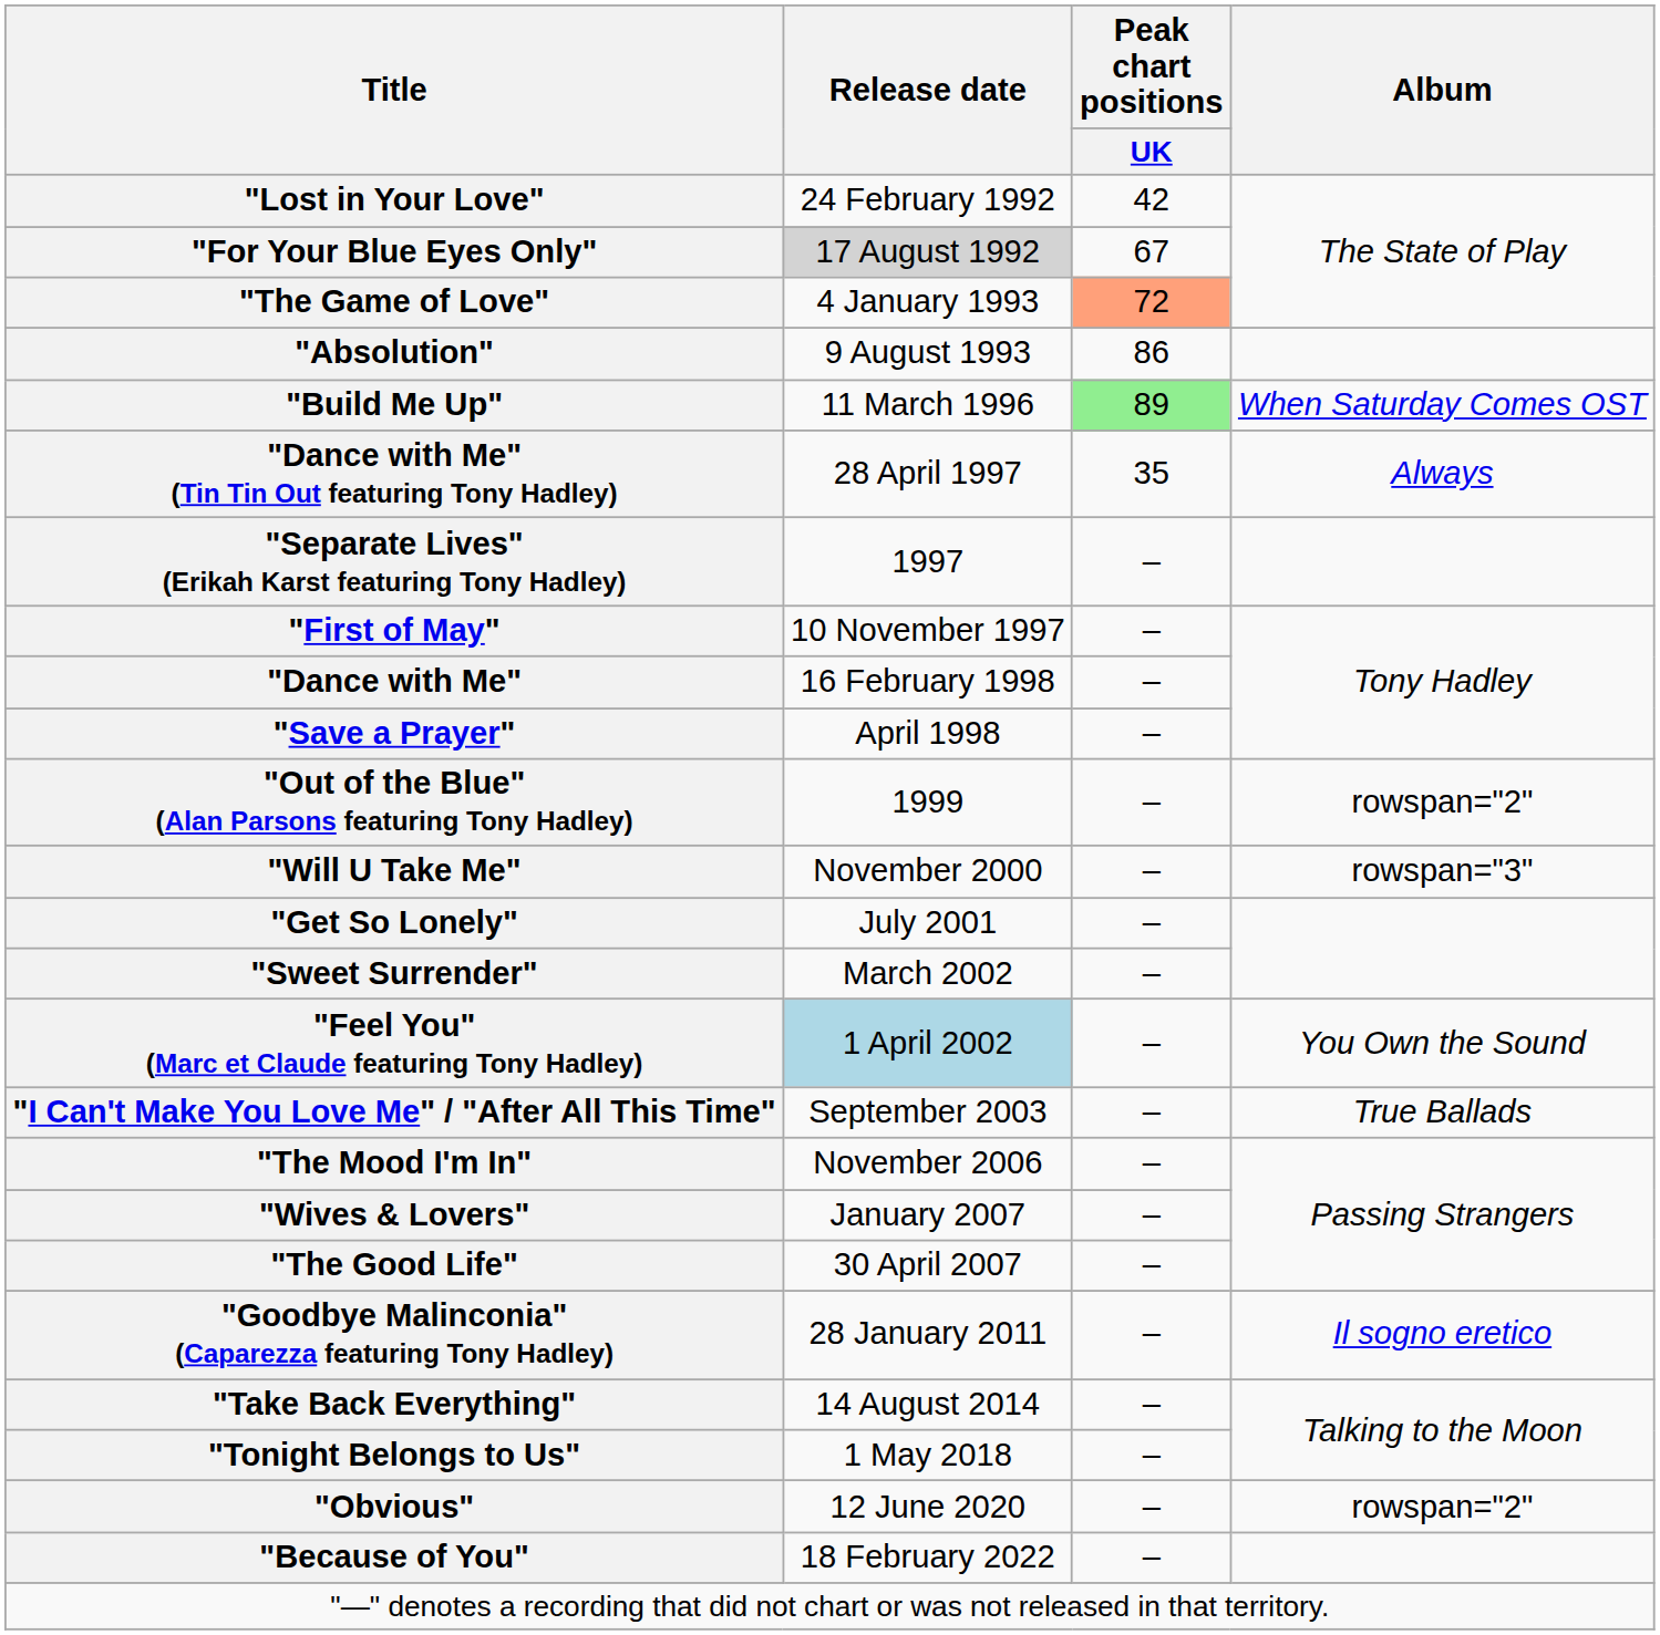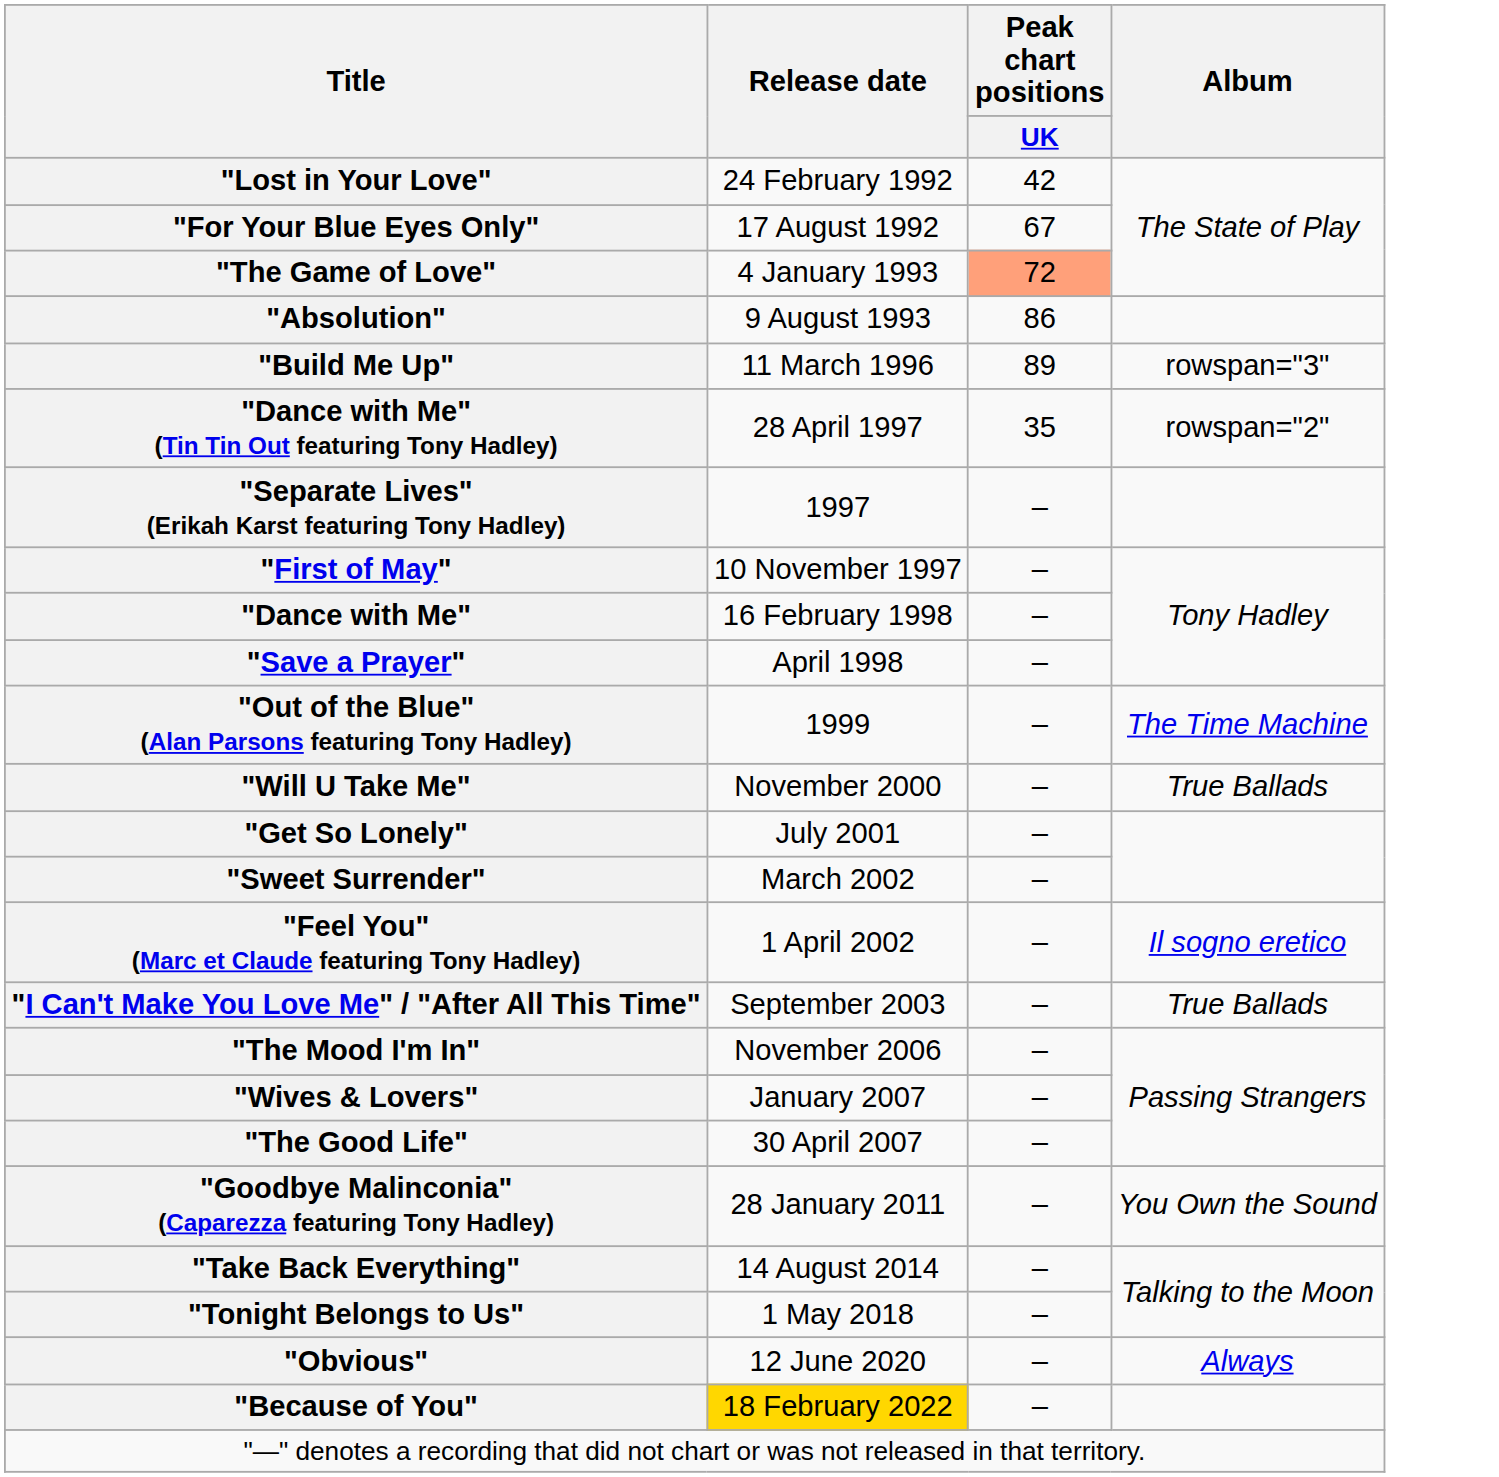 <table class="wikitable plainrowheaders" style="text-align:center;">
 <tr>
 <th scope="col" rowspan="2">Title</th>
 <th scope="col" rowspan="2">Release date</th>
 <th scope="col">Peak chart positions</th>
 <th scope="col" rowspan="2">Album</th>
 </tr>
 <tr>
 <th scope="col" style="width:3em;font-size:90%;"><a href='#'>UK</a><br></th>
 </tr>
 <tr>
 <th scope="row">"Lost in Your Love"</th>
 <td>24 February 1992</td>
 <td>42</td>
 <td rowspan="3"><em>The State of Play</em></td>
 </tr>
 <tr>
 <th scope="row">"For Your Blue Eyes Only"</th>
-<td style="background: lightgrey;">17 August 1992</td>
+<td>17 August 1992</td>
 <td>67</td>
 </tr>
 <tr>
 <th scope="row">"The Game of Love"</th>
 <td>4 January 1993</td>
 <td style="background: lightsalmon;">72</td>
 </tr>
 <tr>
 <th scope="row">"Absolution"</th>
 <td>9 August 1993</td>
 <td>86</td>
 <td></td>
 </tr>
 <tr>
 <th scope="row">"Build Me Up"</th>
 <td>11 March 1996</td>
-<td style="background: lightgreen;">89</td>
-<td><em><a href='#'>When Saturday Comes OST</a></em></td>
+<td>89</td>
+<td>rowspan="3" </td>
 </tr>
 <tr>
 <th scope="row">"Dance with Me"<br><small>(<a href='#'>Tin Tin Out</a> featuring Tony Hadley)</small></th>
 <td>28 April 1997</td>
 <td>35</td>
-<td rowspan=""><em><a href='#'>Always</a></em></td>
+<td>rowspan="2" </td>
 </tr>
 <tr>
 <th scope="row">"Separate Lives"<br><small>(Erikah Karst featuring Tony Hadley)</small></th>
 <td>1997</td>
 <td>–</td>
 <td></td>
 </tr>
 <tr>
 <th scope="row">"<a href='#'>First of May</a>"</th>
 <td>10 November 1997</td>
 <td>–</td>
 <td rowspan="3"><em>Tony Hadley</em></td>
 </tr>
 <tr>
 <th scope="row">"Dance with Me"</th>
 <td>16 February 1998</td>
 <td>–</td>
 </tr>
 <tr>
 <th scope="row">"<a href='#'>Save a Prayer</a>"</th>
 <td>April 1998</td>
 <td>–</td>
 </tr>
 <tr>
 <th scope="row">"Out of the Blue"<br><small>(<a href='#'>Alan Parsons</a> featuring Tony Hadley)</small></th>
 <td>1999</td>
 <td>–</td>
-<td>rowspan="2" </td>
+<td><em><a href='#'>The Time Machine</a></em></td>
 </tr>
 <tr>
 <th scope="row">"Will U Take Me"</th>
 <td>November 2000</td>
 <td>–</td>
-<td>rowspan="3" </td>
+<td><em>True Ballads</em></td>
 </tr>
 <tr>
 <th scope="row">"Get So Lonely"</th>
 <td>July 2001</td>
 <td>–</td>
 </tr>
 <tr>
 <th scope="row">"Sweet Surrender"</th>
 <td>March 2002</td>
 <td>–</td>
 </tr>
 <tr>
 <th scope="row">"Feel You"<br><small>(<a href='#'>Marc et Claude</a> featuring Tony Hadley)</small></th>
-<td style="background: lightblue;">1 April 2002</td>
+<td>1 April 2002</td>
 <td>–</td>
-<td><em>You Own the Sound</em></td>
+<td><em><a href='#'>Il sogno eretico</a></em></td>
 </tr>
 <tr>
 <th scope="row">"<a href='#'>I Can't Make You Love Me</a>" / "After All This Time"</th>
 <td>September 2003</td>
 <td>–</td>
 <td><em>True Ballads</em></td>
 </tr>
 <tr>
 <th scope="row">"The Mood I'm In"</th>
 <td>November 2006</td>
 <td>–</td>
 <td rowspan="3"><em>Passing Strangers</em></td>
 </tr>
 <tr>
 <th scope="row">"Wives & Lovers"</th>
 <td>January 2007</td>
 <td>–</td>
 </tr>
 <tr>
 <th scope="row">"The Good Life"</th>
 <td>30 April 2007</td>
 <td>–</td>
 </tr>
 <tr>
 <th scope="row">"Goodbye Malinconia"<br><small>(<a href='#'>Caparezza</a> featuring Tony Hadley)</small></th>
 <td>28 January 2011</td>
 <td>–</td>
-<td><em><a href='#'>Il sogno eretico</a></em></td>
+<td><em>You Own the Sound</em></td>
 </tr>
 <tr>
 <th scope="row">"Take Back Everything"</th>
 <td>14 August 2014</td>
 <td>–</td>
 <td rowspan="2"><em>Talking to the Moon</em></td>
 </tr>
 <tr>
 <th scope="row">"Tonight Belongs to Us"</th>
 <td>1 May 2018</td>
 <td>–</td>
 </tr>
 <tr>
 <th scope="row">"Obvious"</th>
 <td>12 June 2020</td>
 <td>–</td>
-<td>rowspan="2" </td>
+<td rowspan=""><em><a href='#'>Always</a></em></td>
 </tr>
 <tr>
 <th scope="row">"Because of You"</th>
-<td>18 February 2022</td>
+<td style="background: gold;">18 February 2022</td>
 <td>–</td>
 </tr>
 <tr>
 <td colspan="4" style="font-size:90%">"—" denotes a recording that did not chart or was not released in that territory.</td>
 </tr>
 </table>
